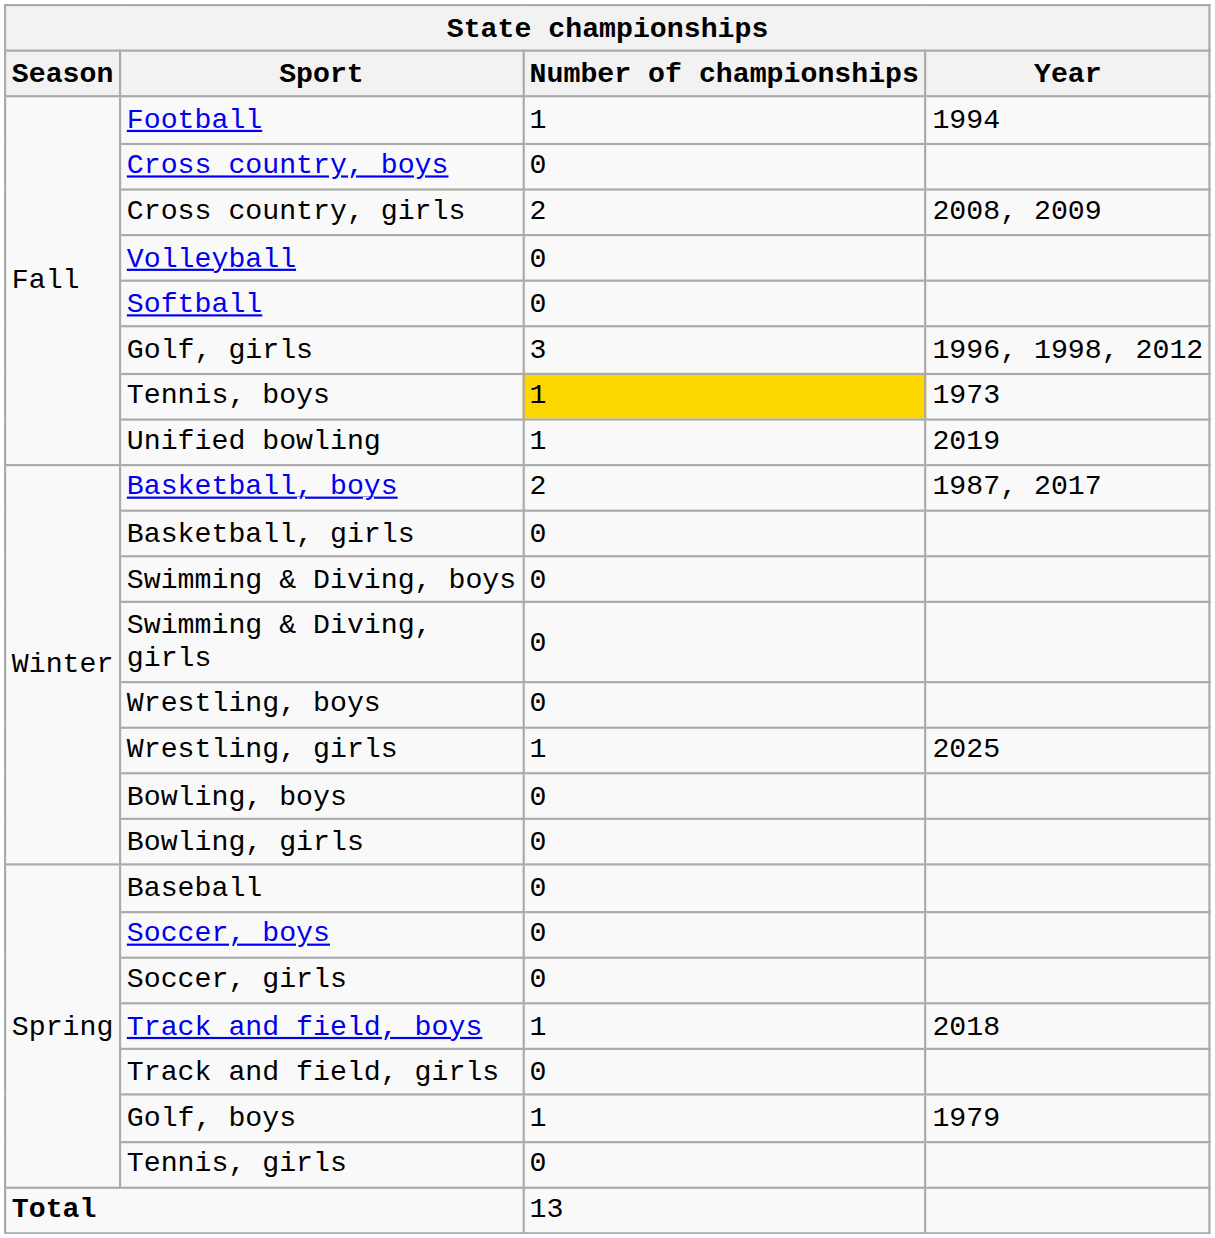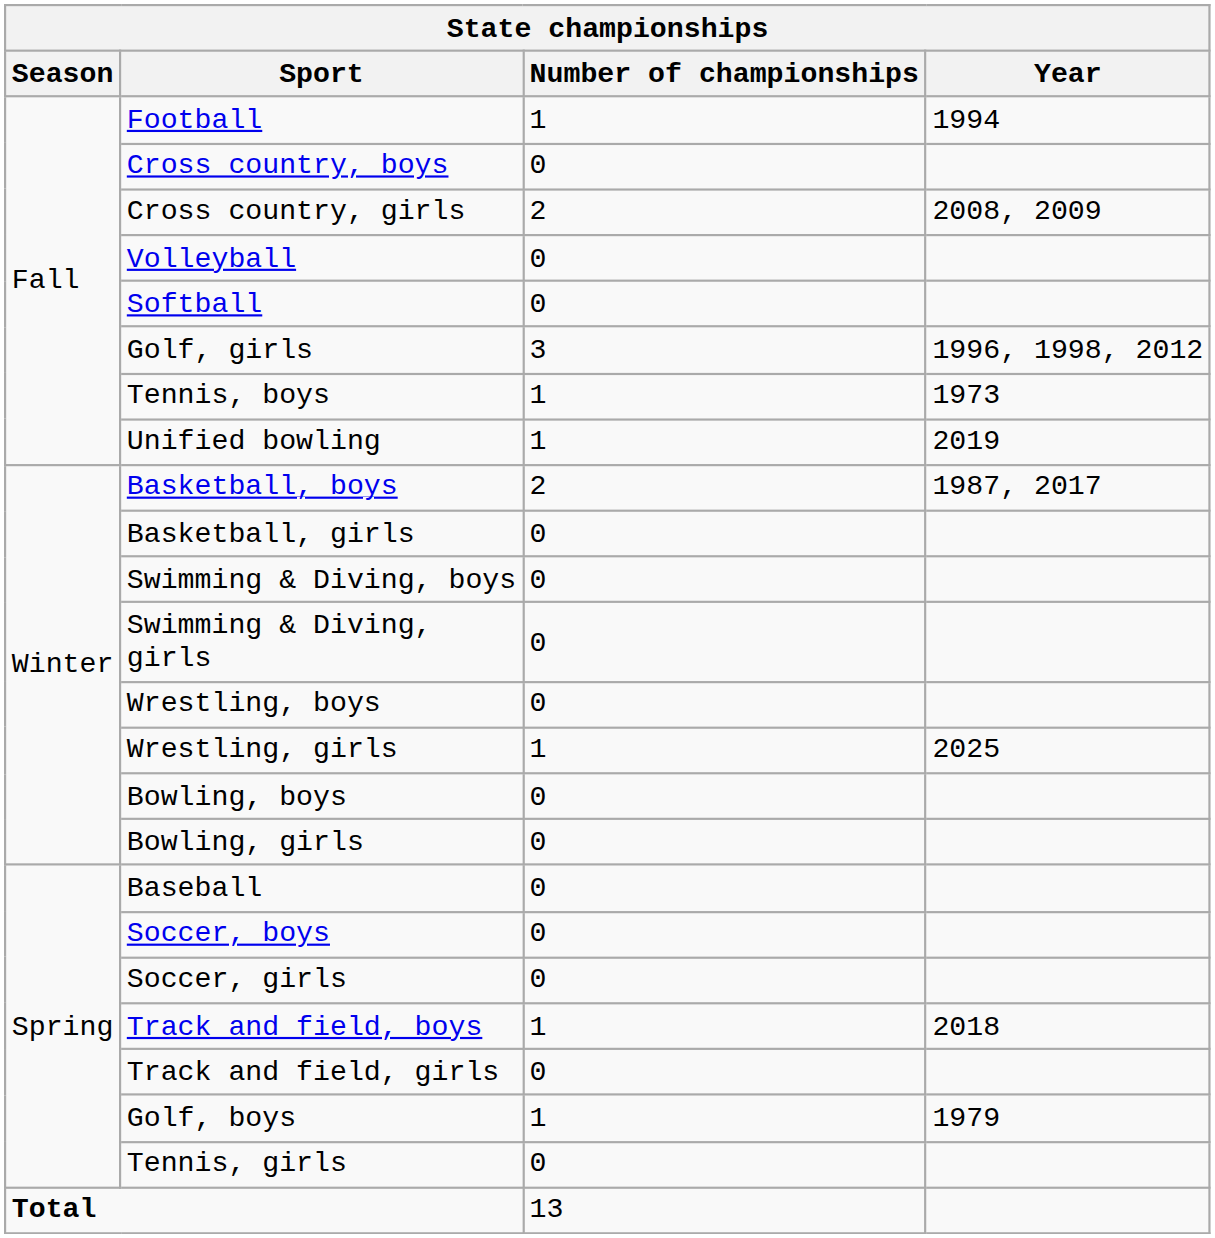 <table class="wikitable">
 <tr>
 <th colspan="4">State championships</th>
 </tr>
 <tr>
 <th>Season</th>
 <th>Sport</th>
 <th>Number of championships</th>
 <th>Year</th>
 </tr>
 <tr>
 <td rowspan="8">Fall</td>
 <td><a href='#'>Football</a></td>
 <td>1</td>
 <td>1994</td>
 </tr>
 <tr>
 <td><a href='#'>Cross country, boys</a></td>
 <td>0</td>
 <td></td>
 </tr>
 <tr>
 <td>Cross country, girls</td>
 <td>2</td>
 <td>2008, 2009</td>
 </tr>
 <tr>
 <td><a href='#'>Volleyball</a></td>
 <td>0</td>
 <td></td>
 </tr>
 <tr>
 <td><a href='#'>Softball</a></td>
 <td>0</td>
 <td></td>
 </tr>
 <tr>
 <td>Golf, girls</td>
 <td>3</td>
 <td>1996, 1998, 2012</td>
 </tr>
 <tr>
 <td>Tennis, boys</td>
-<td style="background: gold;">1</td>
+<td>1</td>
 <td>1973</td>
 </tr>
 <tr>
 <td>Unified bowling</td>
 <td>1</td>
 <td>2019</td>
 </tr>
 <tr>
 <td rowspan="8">Winter</td>
 <td><a href='#'>Basketball, boys</a></td>
 <td>2</td>
 <td>1987, 2017</td>
 </tr>
 <tr>
 <td>Basketball, girls</td>
 <td>0</td>
 <td></td>
 </tr>
 <tr>
 <td>Swimming & Diving, boys</td>
 <td>0</td>
 <td></td>
 </tr>
 <tr>
 <td>Swimming & Diving,<br>girls</td>
 <td>0</td>
 <td></td>
 </tr>
 <tr>
 <td>Wrestling, boys</td>
 <td>0</td>
 <td></td>
 </tr>
 <tr>
 <td>Wrestling, girls</td>
 <td>1</td>
 <td>2025</td>
 </tr>
 <tr>
 <td>Bowling, boys</td>
 <td>0</td>
 <td></td>
 </tr>
 <tr>
 <td>Bowling, girls</td>
 <td>0</td>
 <td></td>
 </tr>
 <tr>
 <td rowspan="7">Spring</td>
 <td>Baseball</td>
 <td>0</td>
 <td></td>
 </tr>
 <tr>
 <td><a href='#'>Soccer, boys</a></td>
 <td>0</td>
 <td></td>
 </tr>
 <tr>
 <td>Soccer, girls</td>
 <td>0</td>
 <td></td>
 </tr>
 <tr>
 <td><a href='#'>Track and field, boys</a></td>
 <td>1</td>
 <td>2018</td>
 </tr>
 <tr>
 <td>Track and field, girls</td>
 <td>0</td>
 <td></td>
 </tr>
 <tr>
 <td>Golf, boys</td>
 <td>1</td>
 <td>1979</td>
 </tr>
 <tr>
 <td>Tennis, girls</td>
 <td>0</td>
 <td></td>
 </tr>
 <tr>
 <td colspan="2"><strong>Total</strong></td>
 <td>13</td>
 <td></td>
 </tr>
 </table>
